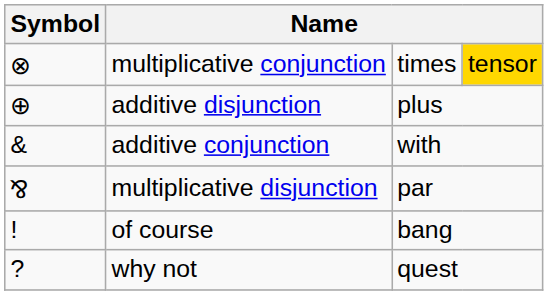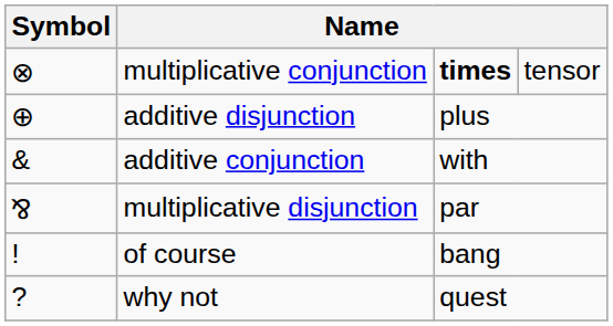 <table class="wikitable">
 <tr>
 <th>Symbol</th>
 <th colspan="3">Name</th>
 </tr>
 <tr>
 <td>⊗</td>
 <td>multiplicative <a href='#'>conjunction</a></td>
-<td>times</td>
-<td style="background: gold;">tensor</td>
+<td><strong>times</strong></td>
+<td>tensor</td>
 </tr>
 <tr>
 <td>⊕</td>
 <td>additive <a href='#'>disjunction</a></td>
 <td colspan="2">plus</td>
 </tr>
 <tr>
 <td>&</td>
 <td>additive <a href='#'>conjunction</a></td>
 <td colspan="2">with</td>
 </tr>
 <tr>
 <td>⅋</td>
 <td>multiplicative <a href='#'>disjunction</a></td>
 <td colspan="2">par</td>
 </tr>
 <tr>
 <td>!</td>
 <td>of course</td>
 <td colspan="2">bang</td>
 </tr>
 <tr>
 <td>?</td>
 <td>why not</td>
 <td colspan="3">quest</td>
 </tr>
 </table>
